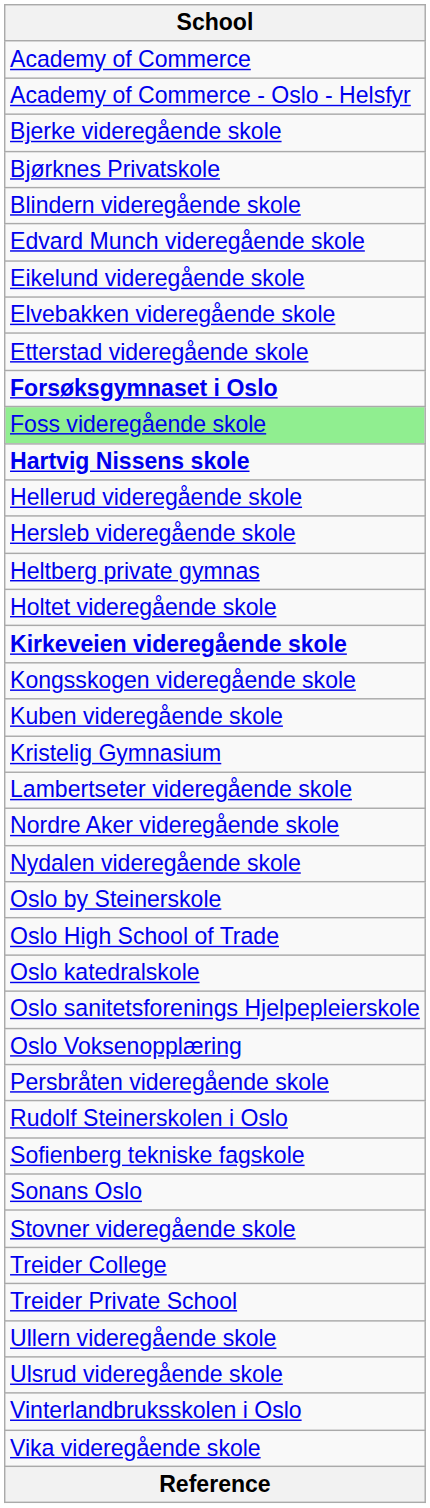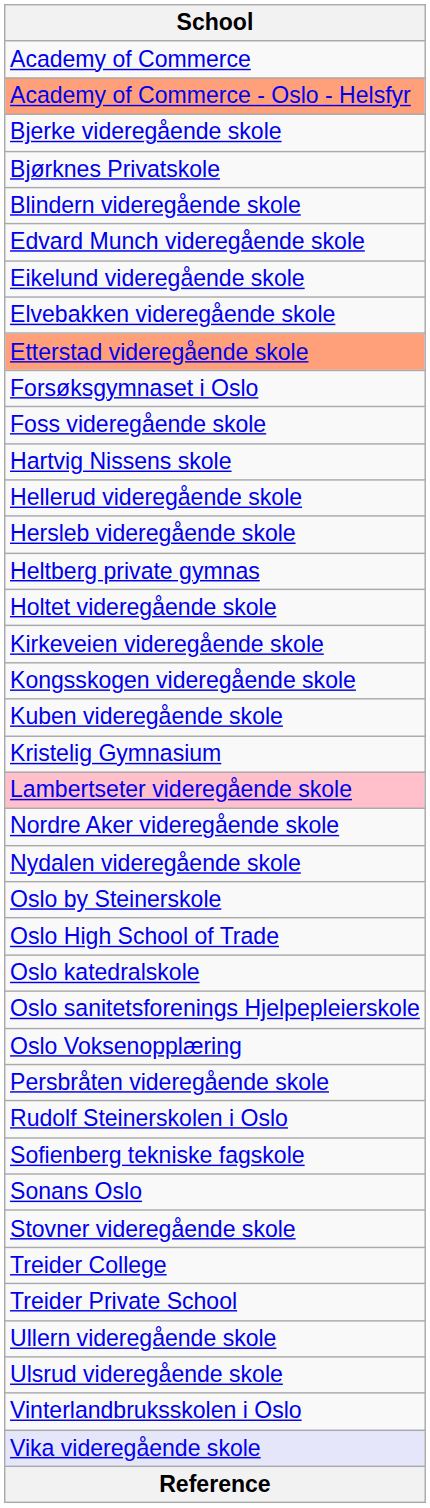 <table class="wikitable sortable">
 <tr>
 <th>School</th>
 </tr>
 <tr>
 <td><a href='#'>Academy of Commerce</a></td>
 </tr>
 <tr>
-<td><a href='#'>Academy of Commerce - Oslo - Helsfyr</a></td>
+<td style="background: lightsalmon;"><a href='#'>Academy of Commerce - Oslo - Helsfyr</a></td>
 </tr>
 <tr>
 <td><a href='#'>Bjerke videregående skole</a></td>
 </tr>
 <tr>
 <td><a href='#'>Bjørknes Privatskole</a></td>
 </tr>
 <tr>
 <td><a href='#'>Blindern videregående skole</a></td>
 </tr>
 <tr>
 <td><a href='#'>Edvard Munch videregående skole</a></td>
 </tr>
 <tr>
 <td><a href='#'>Eikelund videregående skole</a></td>
 </tr>
 <tr>
 <td><a href='#'>Elvebakken videregående skole</a></td>
 </tr>
 <tr>
-<td><a href='#'>Etterstad videregående skole</a></td>
+<td style="background: lightsalmon;"><a href='#'>Etterstad videregående skole</a></td>
 </tr>
 <tr>
-<td><strong><a href='#'>Forsøksgymnaset i Oslo</a></strong></td>
+<td><a href='#'>Forsøksgymnaset i Oslo</a></td>
 </tr>
 <tr>
-<td style="background: lightgreen;"><a href='#'>Foss videregående skole</a></td>
+<td><a href='#'>Foss videregående skole</a></td>
 </tr>
 <tr>
-<td><strong><a href='#'>Hartvig Nissens skole</a></strong></td>
+<td><a href='#'>Hartvig Nissens skole</a></td>
 </tr>
 <tr>
 <td><a href='#'>Hellerud videregående skole</a></td>
 </tr>
 <tr>
 <td><a href='#'>Hersleb videregående skole</a></td>
 </tr>
 <tr>
 <td><a href='#'>Heltberg private gymnas</a></td>
 </tr>
 <tr>
 <td><a href='#'>Holtet videregående skole</a></td>
 </tr>
 <tr>
-<td><strong><a href='#'>Kirkeveien videregående skole</a></strong></td>
+<td><a href='#'>Kirkeveien videregående skole</a></td>
 </tr>
 <tr>
 <td><a href='#'>Kongsskogen videregående skole</a></td>
 </tr>
 <tr>
 <td><a href='#'>Kuben videregående skole</a></td>
 </tr>
 <tr>
 <td><a href='#'>Kristelig Gymnasium</a></td>
 </tr>
 <tr>
-<td><a href='#'>Lambertseter videregående skole</a></td>
+<td style="background: pink;"><a href='#'>Lambertseter videregående skole</a></td>
 </tr>
 <tr>
 <td><a href='#'>Nordre Aker videregående skole</a></td>
 </tr>
 <tr>
 <td><a href='#'>Nydalen videregående skole</a></td>
 </tr>
 <tr>
 <td><a href='#'>Oslo by Steinerskole</a></td>
 </tr>
 <tr>
 <td><a href='#'>Oslo High School of Trade</a></td>
 </tr>
 <tr>
 <td><a href='#'>Oslo katedralskole</a></td>
 </tr>
 <tr>
 <td><a href='#'>Oslo sanitetsforenings Hjelpepleierskole</a></td>
 </tr>
 <tr>
 <td><a href='#'>Oslo Voksenopplæring</a></td>
 </tr>
 <tr>
 <td><a href='#'>Persbråten videregående skole</a></td>
 </tr>
 <tr>
 <td><a href='#'>Rudolf Steinerskolen i Oslo</a></td>
 </tr>
 <tr>
 <td><a href='#'>Sofienberg tekniske fagskole</a></td>
 </tr>
 <tr>
 <td><a href='#'>Sonans Oslo</a></td>
 </tr>
 <tr>
 <td><a href='#'>Stovner videregående skole</a></td>
 </tr>
 <tr>
 <td><a href='#'>Treider College</a></td>
 </tr>
 <tr>
 <td><a href='#'>Treider Private School</a></td>
 </tr>
 <tr>
 <td><a href='#'>Ullern videregående skole</a></td>
 </tr>
 <tr>
 <td><a href='#'>Ulsrud videregående skole</a></td>
 </tr>
 <tr>
 <td><a href='#'>Vinterlandbruksskolen i Oslo</a></td>
 </tr>
 <tr>
-<td><a href='#'>Vika videregående skole</a></td>
+<td style="background: lavender;"><a href='#'>Vika videregående skole</a></td>
 </tr>
 <tr>
 <th colspan="2">Reference</th>
 </tr>
 </table>
